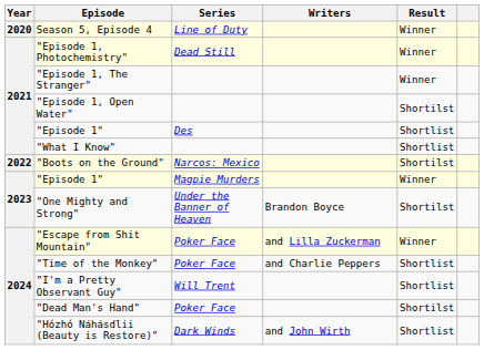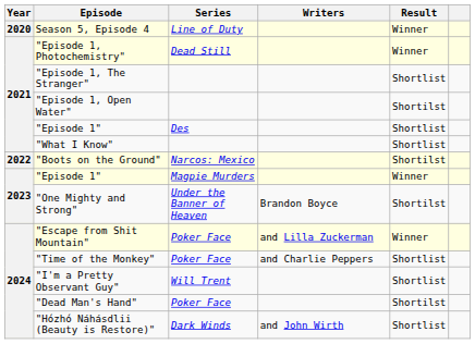 <table class="wikitable sortable" style="wdith:100%">
 <tr>
 <th scope="col" width="5%">Year</th>
 <th scope="col" width="30%">Episode</th>
 <th scope="col" width="20%">Series</th>
 <th scope="col" width="30%">Writers</th>
 <th scope="col" width="10%">Result</th>
 <th scope="col" width="5%"></th>
 </tr>
 <tr style="background:lightyellow;">
 <th>2020</th>
 <td>Season 5, Episode 4</td>
 <td><em><a href='#'>Line of Duty</a></em></td>
 <td></td>
 <td>Winner</td>
 <td></td>
 </tr>
 <tr style="background:lightyellow;">
 <th rowspan="5">2021</th>
 <td>"Episode 1, Photochemistry"</td>
 <td><em><a href='#'>Dead Still</a></em></td>
 <td></td>
 <td>Winner</td>
 <td></td>
 </tr>
 <tr>
 <td>"Episode 1, The Stranger"</td>
 <td></td>
 <td></td>
-<td>Winner</td>
+<td>Shortlist</td>
 <td></td>
 </tr>
 <tr>
 <td>"Episode 1, Open Water"</td>
 <td></td>
 <td></td>
 <td>Shortilst</td>
 <td></td>
 </tr>
 <tr>
 <td>"Episode 1"</td>
 <td><em><a href='#'>Des</a></em></td>
 <td></td>
 <td>Shortlist</td>
 <td></td>
 </tr>
 <tr>
 <td>"What I Know"</td>
 <td></td>
 <td></td>
 <td>Shortlist</td>
 <td></td>
 </tr>
 <tr style="background:lightyellow;">
 <th>2022</th>
 <td>"Boots on the Ground"</td>
 <td><em><a href='#'>Narcos: Mexico</a></em></td>
 <td></td>
 <td>Shortilst</td>
 <td></td>
 </tr>
 <tr style="background:lightyellow;">
 <th rowspan="2">2023</th>
 <td>"Episode 1"</td>
 <td><em><a href='#'>Magpie Murders</a></em></td>
 <td></td>
 <td>Winner</td>
 <td></td>
 </tr>
 <tr>
 <td>"One Mighty and Strong"</td>
 <td><em><a href='#'>Under the Banner of Heaven</a></em></td>
 <td>Brandon Boyce</td>
 <td>Shortilst</td>
 <td></td>
 </tr>
 <tr style="background:lightyellow;">
 <th rowspan="5">2024</th>
 <td>"Escape from Shit Mountain"</td>
 <td><em><a href='#'>Poker Face</a></em></td>
 <td> and <a href='#'>Lilla Zuckerman</a></td>
 <td>Winner</td>
 <td></td>
 </tr>
 <tr>
 <td>"Time of the Monkey"</td>
 <td><em><a href='#'>Poker Face</a></em></td>
 <td> and Charlie Peppers</td>
 <td>Shortlist</td>
 <td></td>
 </tr>
 <tr>
 <td>"I'm a Pretty Observant Guy"</td>
 <td><em><a href='#'>Will Trent</a></em></td>
 <td></td>
 <td>Shortlist</td>
 <td></td>
 </tr>
 <tr>
 <td>"Dead Man's Hand"</td>
 <td><em><a href='#'>Poker Face</a></em></td>
 <td></td>
 <td>Shortilst</td>
 <td></td>
 </tr>
 <tr>
 <td>"Hózhó Náhásdlii (Beauty is Restore)"</td>
 <td><em><a href='#'>Dark Winds</a></em></td>
 <td> and <a href='#'>John Wirth</a></td>
 <td>Shortlist</td>
 <td></td>
 </tr>
 </table>
